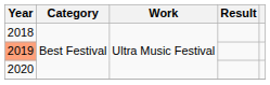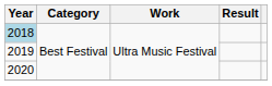 <table class="wikitable">
 <tr>
 <th>Year</th>
 <th>Category</th>
 <th>Work</th>
 <th>Result</th>
 <th></th>
 </tr>
 <tr>
-<td>2018</td>
+<td style="background: lightblue;">2018</td>
 <td rowspan="3">Best Festival</td>
 <td rowspan="3">Ultra Music Festival</td>
 <td></td>
 <td></td>
 </tr>
 <tr>
-<td style="background: lightsalmon;">2019</td>
+<td>2019</td>
 <td></td>
 <td></td>
 </tr>
 <tr>
 <td>2020</td>
 <td></td>
 <td></td>
 </tr>
 <tr>
 </tr>
 </table>
